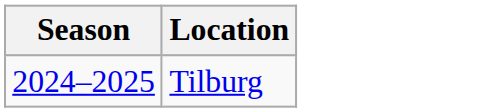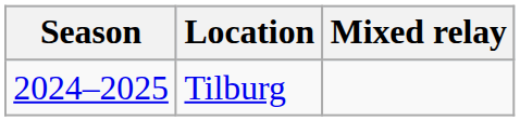 <table class="wikitable" style="display: inline-table;">
 <tr align="center" bgcolor="#b0c4de">
 <th>Season</th>
 <th>Location</th>
+<th>Mixed relay</th>
 </tr>
 <tr>
 <td><a href='#'>2024–2025</a></td>
 <td> <a href='#'>Tilburg</a></td>
+<td style="text-align:center;"></td>
 </tr>
 </table>
